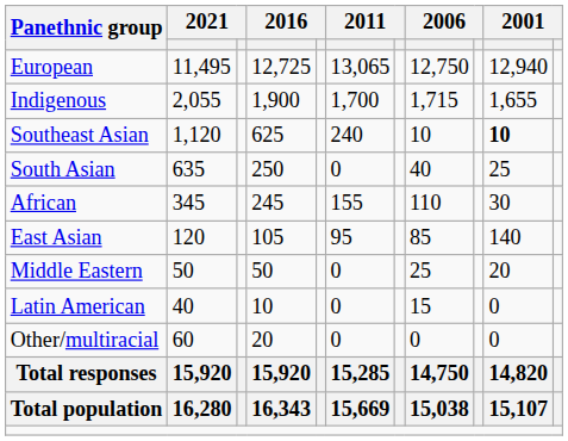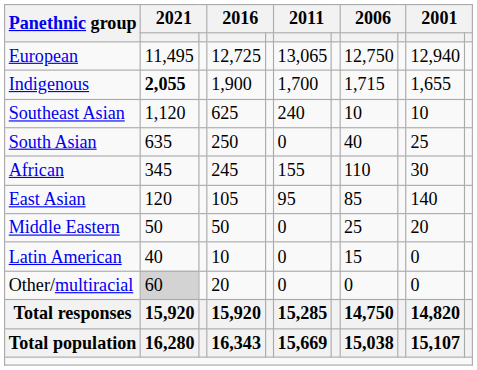 <table class="wikitable collapsible sortable">
 <tr>
 <th rowspan="2"><a href='#'>Panethnic</a> group</th>
 <th colspan="2">2021</th>
 <th colspan="2">2016</th>
 <th colspan="2">2011</th>
 <th colspan="2">2006</th>
 <th colspan="2">2001</th>
 </tr>
 <tr>
 <th><a href='#'></a></th>
 <th></th>
 <th></th>
 <th></th>
 <th></th>
 <th></th>
 <th></th>
 <th></th>
 <th></th>
 <th></th>
 </tr>
 <tr>
 <td><a href='#'>European</a></td>
 <td>11,495</td>
 <td></td>
 <td>12,725</td>
 <td></td>
 <td>13,065</td>
 <td></td>
 <td>12,750</td>
 <td></td>
 <td>12,940</td>
 <td></td>
 </tr>
 <tr>
 <td><a href='#'>Indigenous</a></td>
-<td>2,055</td>
+<td><strong>2,055</strong></td>
 <td></td>
 <td>1,900</td>
 <td></td>
 <td>1,700</td>
 <td></td>
 <td>1,715</td>
 <td></td>
 <td>1,655</td>
 <td></td>
 </tr>
 <tr>
 <td><a href='#'>Southeast Asian</a></td>
 <td>1,120</td>
 <td></td>
 <td>625</td>
 <td></td>
 <td>240</td>
 <td></td>
 <td>10</td>
 <td></td>
-<td><strong>10</strong></td>
+<td>10</td>
 <td></td>
 </tr>
 <tr>
 <td><a href='#'>South Asian</a></td>
 <td>635</td>
 <td></td>
 <td>250</td>
 <td></td>
 <td>0</td>
 <td></td>
 <td>40</td>
 <td></td>
 <td>25</td>
 <td></td>
 </tr>
 <tr>
 <td><a href='#'>African</a></td>
 <td>345</td>
 <td></td>
 <td>245</td>
 <td></td>
 <td>155</td>
 <td></td>
 <td>110</td>
 <td></td>
 <td>30</td>
 <td></td>
 </tr>
 <tr>
 <td><a href='#'>East Asian</a></td>
 <td>120</td>
 <td></td>
 <td>105</td>
 <td></td>
 <td>95</td>
 <td></td>
 <td>85</td>
 <td></td>
 <td>140</td>
 <td></td>
 </tr>
 <tr>
 <td><a href='#'>Middle Eastern</a></td>
 <td>50</td>
 <td></td>
 <td>50</td>
 <td></td>
 <td>0</td>
 <td></td>
 <td>25</td>
 <td></td>
 <td>20</td>
 <td></td>
 </tr>
 <tr>
 <td><a href='#'>Latin American</a></td>
 <td>40</td>
 <td></td>
 <td>10</td>
 <td></td>
 <td>0</td>
 <td></td>
 <td>15</td>
 <td></td>
 <td>0</td>
 <td></td>
 </tr>
 <tr>
 <td>Other/<a href='#'>multiracial</a></td>
-<td>60</td>
+<td style="background: lightgrey;">60</td>
 <td></td>
 <td>20</td>
 <td></td>
 <td>0</td>
 <td></td>
 <td>0</td>
 <td></td>
 <td>0</td>
 <td></td>
 </tr>
 <tr>
 <th>Total responses</th>
 <th>15,920</th>
 <th></th>
 <th>15,920</th>
 <th></th>
 <th>15,285</th>
 <th></th>
 <th>14,750</th>
 <th></th>
 <th>14,820</th>
 <th></th>
 </tr>
 <tr class="sortbottom">
 <th>Total population</th>
 <th>16,280</th>
 <th></th>
 <th>16,343</th>
 <th></th>
 <th>15,669</th>
 <th></th>
 <th>15,038</th>
 <th></th>
 <th>15,107</th>
 <th></th>
 </tr>
 <tr class="sortbottom">
 <td colspan="11"></td>
 </tr>
 </table>
